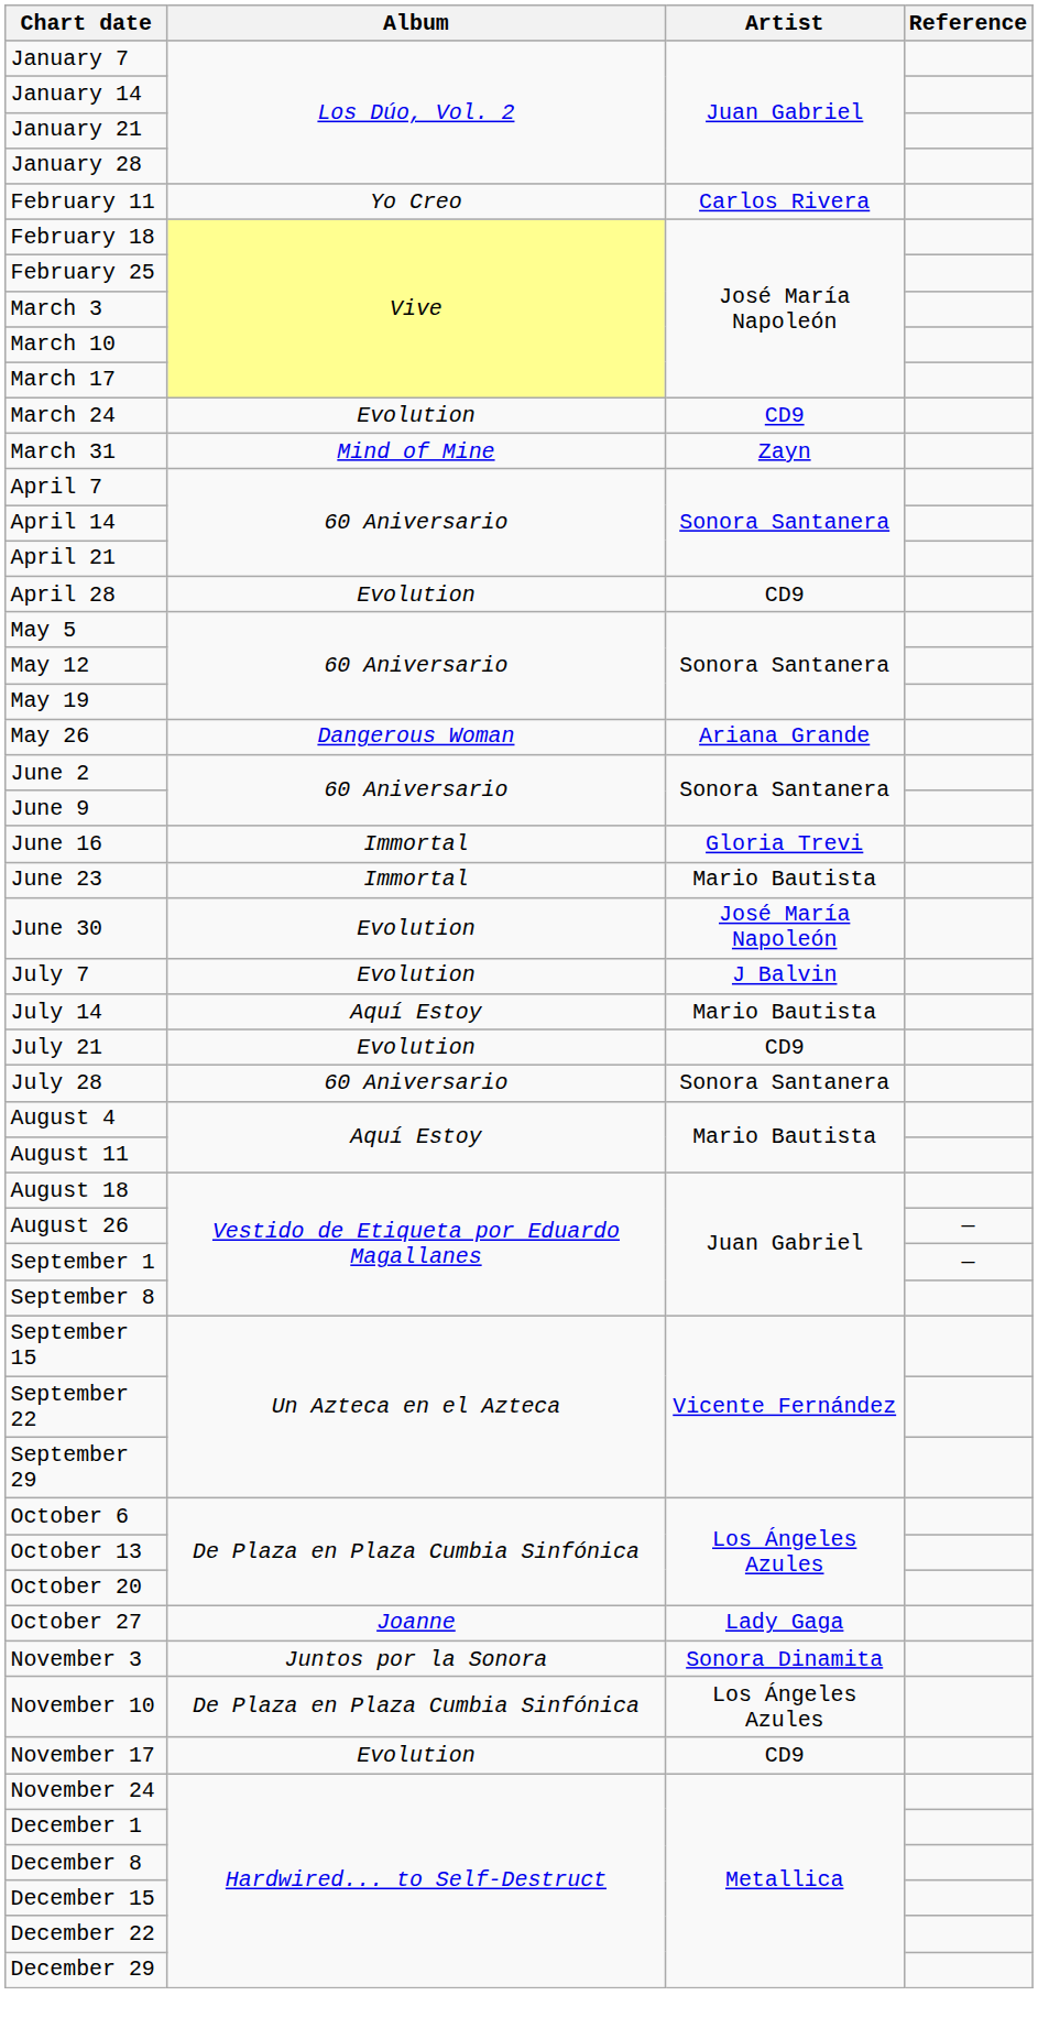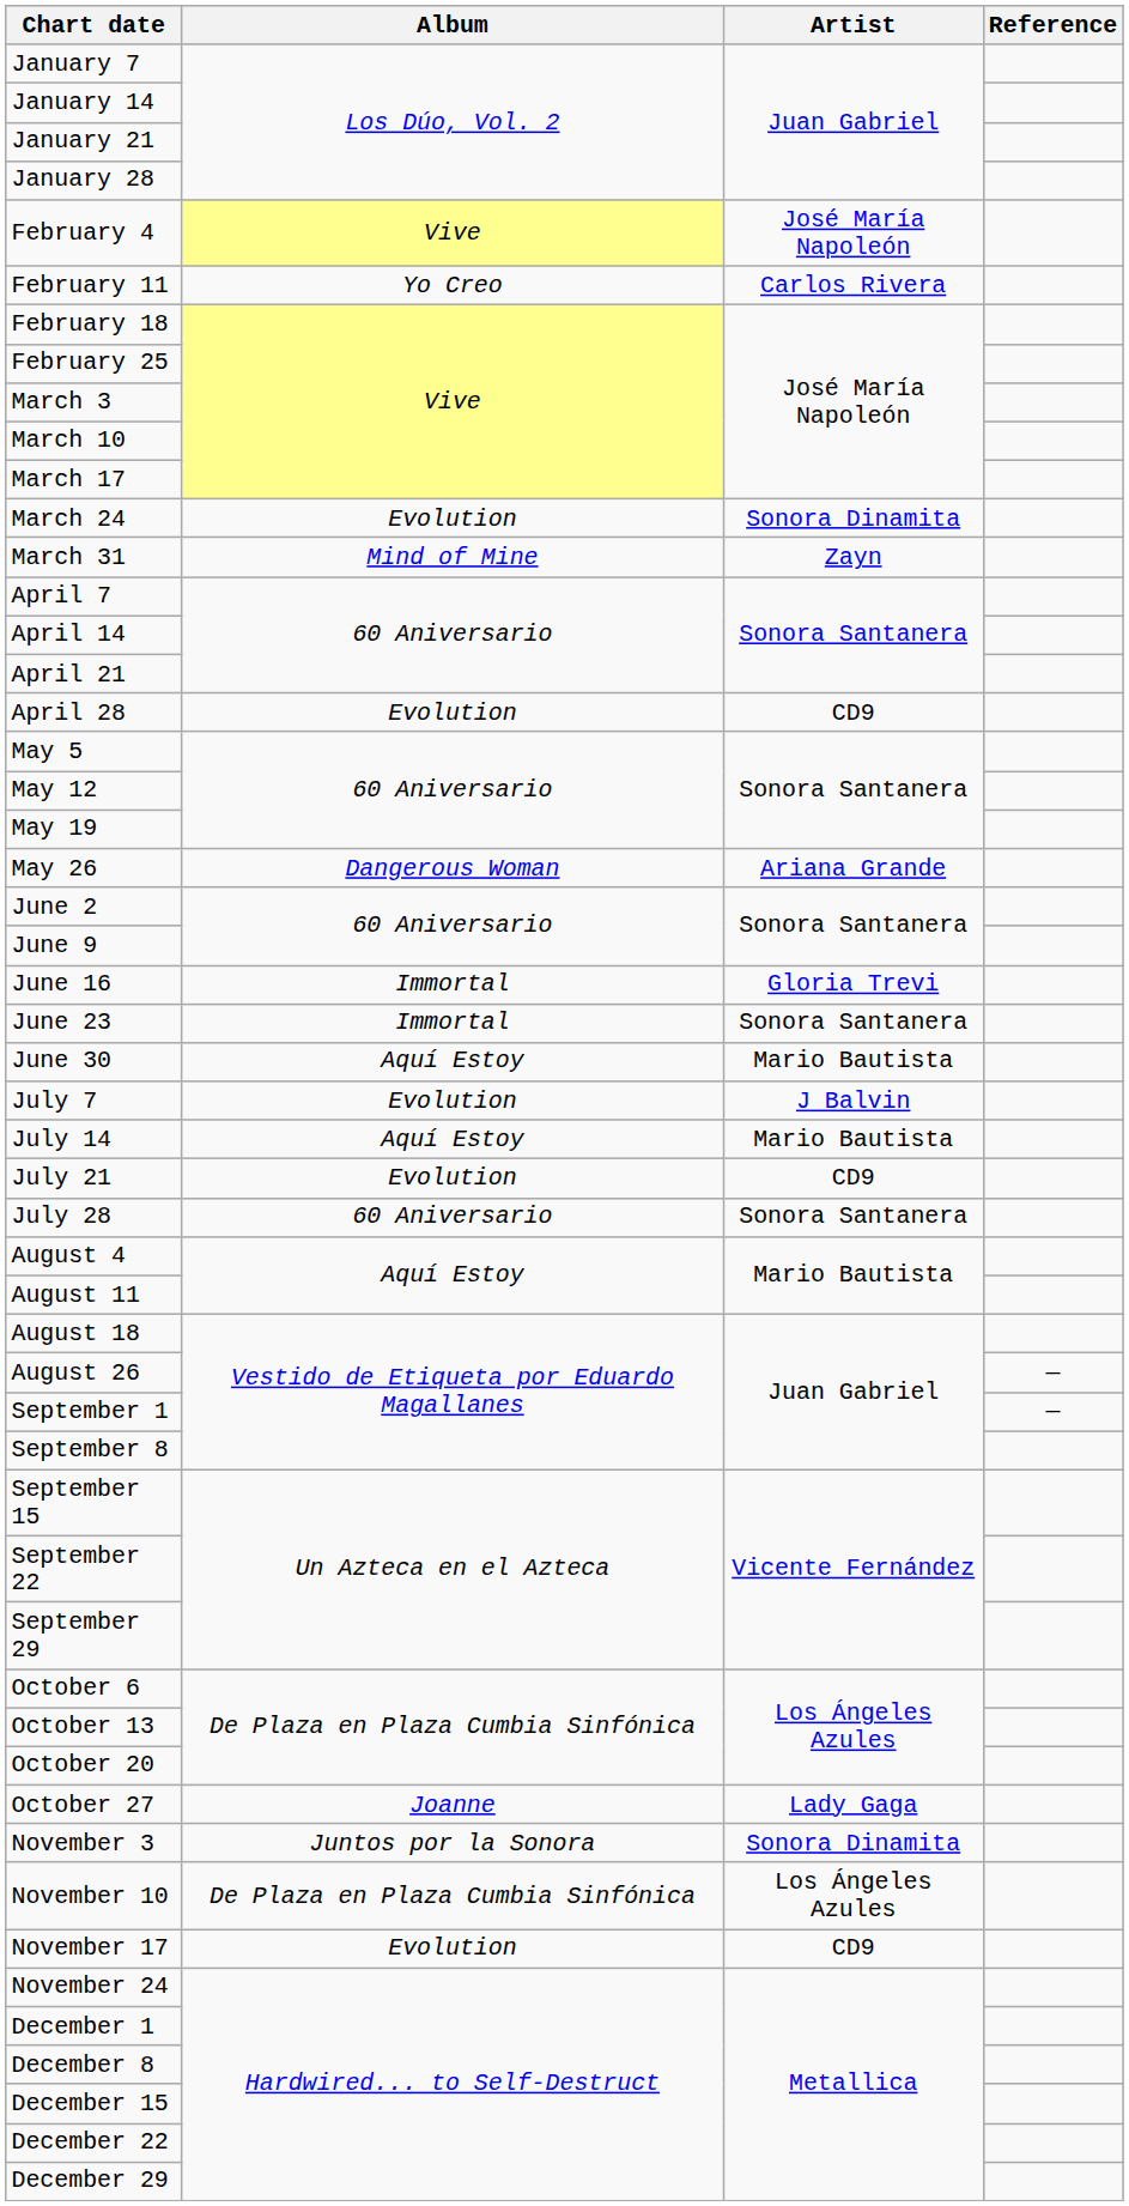 <table class="wikitable">
 <tr>
 <th>Chart date</th>
 <th>Album</th>
 <th>Artist</th>
 <th class="unsortable">Reference</th>
 </tr>
 <tr>
 <td>January 7</td>
 <td style="text-align: center;" rowspan="4"><em><a href='#'>Los Dúo, Vol. 2</a></em></td>
 <td style="text-align: center;" rowspan="4"><a href='#'>Juan Gabriel</a></td>
 <td style="text-align: center;"></td>
 </tr>
 <tr>
 <td>January 14</td>
 <td style="text-align: center;"></td>
 </tr>
 <tr>
 <td>January 21</td>
 <td style="text-align: center;"></td>
 </tr>
 <tr>
 <td>January 28</td>
+<td style="text-align: center;"></td>
+</tr>
+<tr>
+<td>February 4</td>
+<td bgcolor=#FFFF90 style="text-align: center;"><em>Vive</em></td>
+<td style="text-align: center;"><a href='#'>José María Napoleón</a></td>
 <td style="text-align: center;"></td>
 </tr>
 <tr>
 <td>February 11</td>
 <td style="text-align: center;"><em>Yo Creo</em></td>
 <td style="text-align: center;"><a href='#'>Carlos Rivera</a></td>
 <td style="text-align: center;"></td>
 </tr>
 <tr>
 <td>February 18</td>
 <td bgcolor=#FFFF90 style="text-align: center;" rowspan="5"><em>Vive</em></td>
 <td style="text-align: center;" rowspan="5">José María Napoleón</td>
 <td style="text-align: center;"></td>
 </tr>
 <tr>
 <td>February 25</td>
 <td style="text-align: center;"></td>
 </tr>
 <tr>
 <td>March 3</td>
 <td style="text-align: center;"></td>
 </tr>
 <tr>
 <td>March 10</td>
 <td style="text-align: center;"></td>
 </tr>
 <tr>
 <td>March 17</td>
 <td style="text-align: center;"></td>
 </tr>
 <tr>
 <td>March 24</td>
 <td style="text-align: center;"><em>Evolution</em></td>
-<td style="text-align: center;"><a href='#'>CD9</a></td>
+<td style="text-align: center;"><a href='#'>Sonora Dinamita</a></td>
 <td style="text-align: center;"></td>
 </tr>
 <tr>
 <td>March 31</td>
 <td style="text-align: center;"><em><a href='#'>Mind of Mine</a></em></td>
 <td style="text-align: center;"><a href='#'>Zayn</a></td>
 <td style="text-align: center;"></td>
 </tr>
 <tr>
 <td>April 7</td>
 <td style="text-align: center;" rowspan="3"><em>60 Aniversario</em></td>
 <td style="text-align: center;" rowspan="3"><a href='#'>Sonora Santanera</a></td>
 <td style="text-align: center;"></td>
 </tr>
 <tr>
 <td>April 14</td>
 <td style="text-align: center;"></td>
 </tr>
 <tr>
 <td>April 21</td>
 <td style="text-align: center;"></td>
 </tr>
 <tr>
 <td>April 28</td>
 <td style="text-align: center;"><em>Evolution</em></td>
 <td style="text-align: center;">CD9</td>
 <td style="text-align: center;"></td>
 </tr>
 <tr>
 <td>May 5</td>
 <td style="text-align: center;" rowspan="3"><em>60 Aniversario</em></td>
 <td style="text-align: center;" rowspan="3">Sonora Santanera</td>
 <td style="text-align: center;"></td>
 </tr>
 <tr>
 <td>May 12</td>
 <td style="text-align: center;"></td>
 </tr>
 <tr>
 <td>May 19</td>
 <td style="text-align: center;"></td>
 </tr>
 <tr>
 <td>May 26</td>
 <td style="text-align: center;"><em><a href='#'>Dangerous Woman</a></em></td>
 <td style="text-align: center;"><a href='#'>Ariana Grande</a></td>
 <td style="text-align: center;"></td>
 </tr>
 <tr>
 <td>June 2</td>
 <td style="text-align: center;" rowspan="2"><em>60 Aniversario</em></td>
 <td style="text-align: center;" rowspan="2">Sonora Santanera</td>
 <td style="text-align: center;"></td>
 </tr>
 <tr>
 <td>June 9</td>
 <td style="text-align: center;"></td>
 </tr>
 <tr>
 <td>June 16</td>
 <td style="text-align: center;"><em>Immortal</em></td>
 <td style="text-align: center;"><a href='#'>Gloria Trevi</a></td>
 <td style="text-align: center;"></td>
 </tr>
 <tr>
 <td>June 23</td>
 <td style="text-align: center;"><em>Immortal</em></td>
-<td style="text-align: center;">Mario Bautista</td>
+<td style="text-align: center;">Sonora Santanera</td>
 <td style="text-align: center;"></td>
 </tr>
 <tr>
 <td>June 30</td>
-<td style="text-align: center;"><em>Evolution</em></td>
-<td style="text-align: center;"><a href='#'>José María Napoleón</a></td>
+<td style="text-align: center;"><em>Aquí Estoy</em></td>
+<td style="text-align: center;">Mario Bautista</td>
 <td style="text-align: center;"></td>
 </tr>
 <tr>
 <td>July 7</td>
 <td style="text-align: center;"><em>Evolution</em></td>
 <td style="text-align: center;"><a href='#'>J Balvin</a></td>
 <td style="text-align: center;"></td>
 </tr>
 <tr>
 <td>July 14</td>
 <td style="text-align: center;"><em>Aquí Estoy</em></td>
 <td style="text-align: center;">Mario Bautista</td>
 <td style="text-align: center;"></td>
 </tr>
 <tr>
 <td>July 21</td>
 <td style="text-align: center;"><em>Evolution</em></td>
 <td style="text-align: center;">CD9</td>
 <td style="text-align: center;"></td>
 </tr>
 <tr>
 <td>July 28</td>
 <td style="text-align: center;"><em>60 Aniversario</em></td>
 <td style="text-align: center;">Sonora Santanera</td>
 <td style="text-align: center;"></td>
 </tr>
 <tr>
 <td>August 4</td>
 <td style="text-align: center;" rowspan="2"><em>Aquí Estoy</em></td>
 <td style="text-align: center;" rowspan="2">Mario Bautista</td>
 <td style="text-align: center;"></td>
 </tr>
 <tr>
 <td>August 11</td>
 <td style="text-align: center;"></td>
 </tr>
 <tr>
 <td>August 18</td>
 <td style="text-align: center;" rowspan="4"><em><a href='#'>Vestido de Etiqueta por Eduardo Magallanes</a></em></td>
 <td style="text-align: center;" rowspan="4">Juan Gabriel</td>
 <td style="text-align: center;"></td>
 </tr>
 <tr>
 <td>August 26</td>
 <td style="text-align: center;">—</td>
 </tr>
 <tr>
 <td>September 1</td>
 <td style="text-align: center;">—</td>
 </tr>
 <tr>
 <td>September 8</td>
 <td style="text-align: center;"></td>
 </tr>
 <tr>
 <td>September 15</td>
 <td style="text-align: center;" rowspan="3"><em>Un Azteca en el Azteca</em></td>
 <td style="text-align: center;" rowspan="3"><a href='#'>Vicente Fernández</a></td>
 <td style="text-align: center;"></td>
 </tr>
 <tr>
 <td>September 22</td>
 <td style="text-align: center;"></td>
 </tr>
 <tr>
 <td>September 29</td>
 <td style="text-align: center;"></td>
 </tr>
 <tr>
 <td>October 6</td>
 <td style="text-align: center;" rowspan="3"><em>De Plaza en Plaza Cumbia Sinfónica</em></td>
 <td style="text-align: center;" rowspan="3"><a href='#'>Los Ángeles Azules</a></td>
 <td style="text-align: center;"></td>
 </tr>
 <tr>
 <td>October 13</td>
 <td style="text-align: center;"></td>
 </tr>
 <tr>
 <td>October 20</td>
 <td style="text-align: center;"></td>
 </tr>
 <tr>
 <td>October 27</td>
 <td style="text-align: center;"><em><a href='#'>Joanne</a></em></td>
 <td style="text-align: center;"><a href='#'>Lady Gaga</a></td>
 <td style="text-align: center;"></td>
 </tr>
 <tr>
 <td>November 3</td>
 <td style="text-align: center;"><em>Juntos por la Sonora</em></td>
 <td style="text-align: center;"><a href='#'>Sonora Dinamita</a></td>
 <td style="text-align: center;"></td>
 </tr>
 <tr>
 <td>November 10</td>
 <td style="text-align: center;"><em>De Plaza en Plaza Cumbia Sinfónica</em></td>
 <td style="text-align: center;">Los Ángeles Azules</td>
 <td style="text-align: center;"></td>
 </tr>
 <tr>
 <td>November 17</td>
 <td style="text-align: center;"><em>Evolution</em></td>
 <td style="text-align: center;">CD9</td>
 <td style="text-align: center;"></td>
 </tr>
 <tr>
 <td>November 24</td>
 <td style="text-align: center;" rowspan="6"><em><a href='#'>Hardwired... to Self-Destruct</a></em></td>
 <td style="text-align: center;" rowspan="6"><a href='#'>Metallica</a></td>
 <td style="text-align: center;"></td>
 </tr>
 <tr>
 <td>December  1</td>
 <td style="text-align: center;"></td>
 </tr>
 <tr>
 <td>December  8</td>
 <td style="text-align: center;"></td>
 </tr>
 <tr>
 <td>December 15</td>
 <td style="text-align: center;"></td>
 </tr>
 <tr>
 <td>December 22</td>
 <td style="text-align: center;"></td>
 </tr>
 <tr>
 <td>December 29</td>
 <td style="text-align: center;"></td>
 </tr>
 </table>
